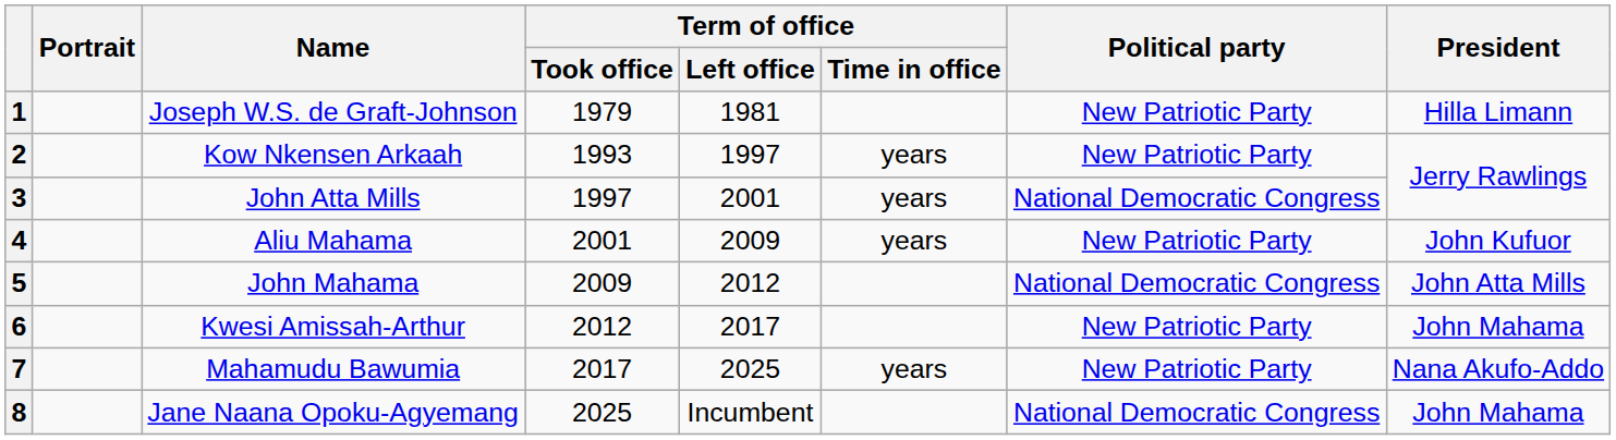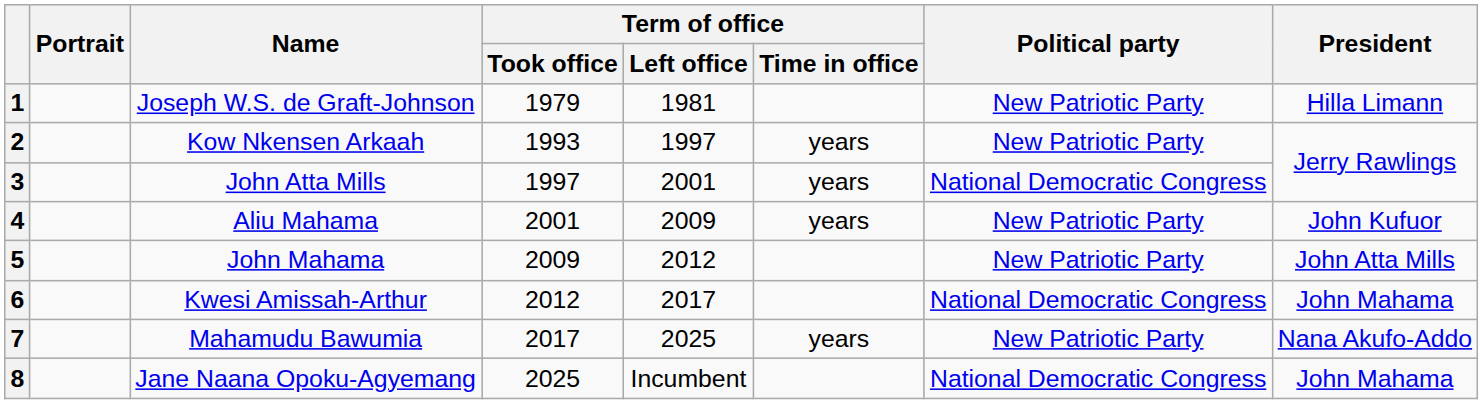 <table class="wikitable" style="font-size:100%;text-align:center">
 <tr>
 <th rowspan="2"></th>
 <th rowspan="2">Portrait</th>
 <th rowspan="2">Name<br></th>
 <th colspan="3">Term of office</th>
 <th rowspan="2">Political party</th>
 <th rowspan="2">President</th>
 </tr>
 <tr>
 <th>Took office</th>
 <th>Left office</th>
 <th>Time in office</th>
 </tr>
 <tr>
 <th style="background:">1</th>
 <td></td>
 <td><a href='#'>Joseph W.S. de Graft-Johnson</a><br></td>
 <td> 1979</td>
 <td> 1981<br></td>
 <td></td>
 <td><a href='#'>New Patriotic Party</a></td>
 <td><a href='#'>Hilla Limann</a></td>
 </tr>
 <tr>
 <th style="background:">2</th>
 <td></td>
 <td><a href='#'>Kow Nkensen Arkaah</a><br></td>
 <td> 1993</td>
 <td> 1997</td>
 <td> years</td>
 <td><a href='#'>New Patriotic Party</a></td>
 <td rowspan=2><a href='#'>Jerry Rawlings</a></td>
 </tr>
 <tr>
 <th style="background:">3</th>
 <td></td>
 <td><a href='#'>John Atta Mills</a><br></td>
 <td> 1997</td>
 <td> 2001</td>
 <td> years</td>
 <td><a href='#'>National Democratic Congress</a></td>
 </tr>
 <tr>
 <th style="background:">4</th>
 <td></td>
 <td><a href='#'>Aliu Mahama</a><br></td>
 <td> 2001</td>
 <td> 2009</td>
 <td> years</td>
 <td><a href='#'>New Patriotic Party</a></td>
 <td><a href='#'>John Kufuor</a></td>
 </tr>
 <tr>
 <th style="background:">5</th>
 <td></td>
 <td><a href='#'>John Mahama</a><br></td>
 <td> 2009</td>
 <td> 2012</td>
 <td></td>
-<td><a href='#'>National Democratic Congress</a></td>
+<td><a href='#'>New Patriotic Party</a></td>
 <td><a href='#'>John Atta Mills</a></td>
 </tr>
 <tr>
 <th style="background:">6</th>
 <td></td>
 <td><a href='#'>Kwesi Amissah-Arthur</a><br></td>
 <td> 2012</td>
 <td> 2017</td>
 <td></td>
-<td><a href='#'>New Patriotic Party</a></td>
+<td><a href='#'>National Democratic Congress</a></td>
 <td><a href='#'>John Mahama</a></td>
 </tr>
 <tr>
 <th style="background:">7</th>
 <td></td>
 <td><a href='#'>Mahamudu Bawumia</a><br></td>
 <td> 2017</td>
 <td> 2025</td>
 <td> years</td>
 <td><a href='#'>New Patriotic Party</a></td>
 <td><a href='#'>Nana Akufo-Addo</a></td>
 </tr>
 <tr>
 <th style="background:">8</th>
 <td></td>
 <td><a href='#'>Jane Naana Opoku-Agyemang</a><br></td>
 <td> 2025</td>
 <td>Incumbent</td>
 <td></td>
 <td><a href='#'>National Democratic Congress</a></td>
 <td><a href='#'>John Mahama</a></td>
 </tr>
 </table>
